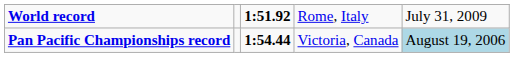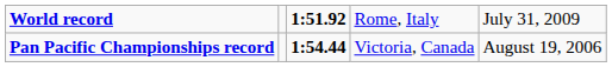 <table class="wikitable">
 <tr>
 <td><strong><a href='#'>World record</a></strong></td>
 <td></td>
 <td><strong>1:51.92</strong></td>
 <td><a href='#'>Rome</a>, <a href='#'>Italy</a></td>
 <td>July 31, 2009</td>
 </tr>
 <tr>
 <td><strong><a href='#'>Pan Pacific Championships record</a></strong></td>
 <td></td>
 <td><strong>1:54.44</strong></td>
 <td><a href='#'>Victoria</a>, <a href='#'>Canada</a></td>
-<td style="background: lightblue;">August 19, 2006</td>
+<td>August 19, 2006</td>
 </tr>
 </table>
